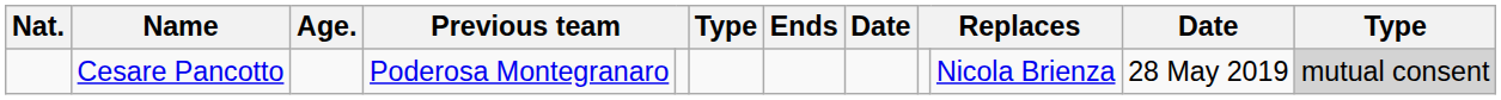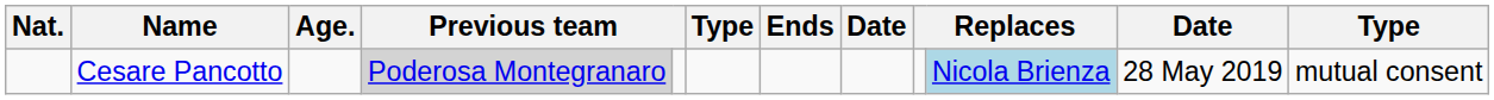 <table class="wikitable sortable">
 <tr>
 <th>Nat.</th>
 <th>Name</th>
 <th>Age.</th>
 <th colspan=2>Previous team</th>
 <th>Type</th>
 <th>Ends</th>
 <th>Date</th>
 <th colspan=2>Replaces</th>
 <th>Date</th>
 <th>Type</th>
 </tr>
 <tr>
 <td></td>
 <td><a href='#'>Cesare Pancotto</a></td>
 <td></td>
-<td><a href='#'>Poderosa Montegranaro</a></td>
+<td style="background: lightgrey;"><a href='#'>Poderosa Montegranaro</a></td>
 <td></td>
 <td></td>
 <td></td>
 <td></td>
 <td></td>
-<td><a href='#'>Nicola Brienza</a></td>
+<td style="background: lightblue;"><a href='#'>Nicola Brienza</a></td>
 <td>28 May 2019</td>
-<td style="background: lightgrey;">mutual consent</td>
+<td>mutual consent</td>
 </tr>
 </table>
